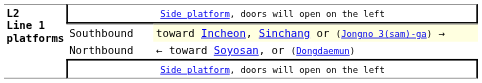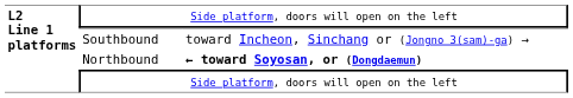 <table table border=0 cellspacing=0 cellpadding=3>
 <tr>
 <td style="border-top:solid 1px gray;border-bottom:solid 1px gray;" width=50 rowspan=10 valign=top><strong>L2<br>Line 1 platforms</strong></td>
 <td style="border-top:solid 1px gray;border-right:solid 2px black;border-left:solid 2px black;border-bottom:solid 2px black;text-align:center;" colspan=2><small><a href='#'>Side platform</a>, doors will open on the left</small></td>
 </tr>
 <tr>
 <td style="border-bottom:solid 0px gray;border-top:solid 1px gray;" width=100>Southbound</td>
-<td style="background: lightyellow; border-bottom:solid 0px gray;border-top:solid 1px gray;" width=390>  toward <a href='#'>Incheon</a>, <a href='#'>Sinchang</a> or  <small>(<a href='#'>Jongno 3(sam)-ga</a>)</small> →</td>
+<td style="border-bottom:solid 0px gray;border-top:solid 1px gray;" width=390>  toward <a href='#'>Incheon</a>, <a href='#'>Sinchang</a> or  <small>(<a href='#'>Jongno 3(sam)-ga</a>)</small> →</td>
 </tr>
 <tr>
 <td>Northbound</td>
-<td>←  toward <a href='#'>Soyosan</a>,  or  <small>(<a href='#'>Dongdaemun</a>)</small></td>
+<td><strong>←  toward <a href='#'>Soyosan</a>,  or  <small>(<a href='#'>Dongdaemun</a>)</small></strong></td>
 </tr>
 <tr>
 <td style="border-top:solid 2px black;border-right:solid 2px black;border-left:solid 2px black;border-bottom:solid 1px gray;text-align:center;" colspan=2><small><a href='#'>Side platform</a>, doors will open on the left</small></td>
 </tr>
 </table>
